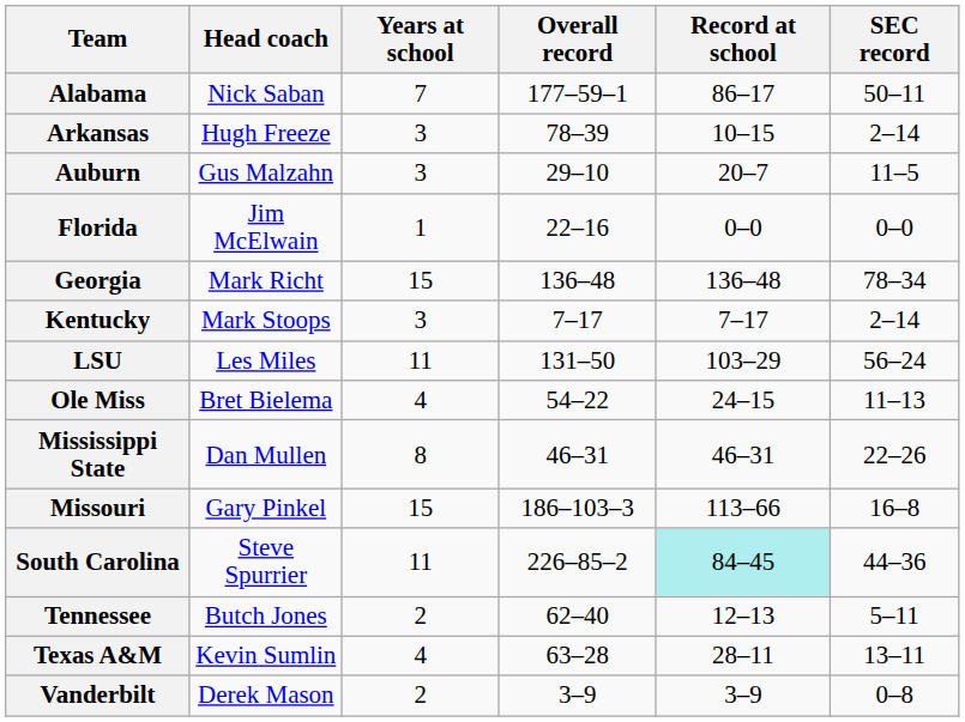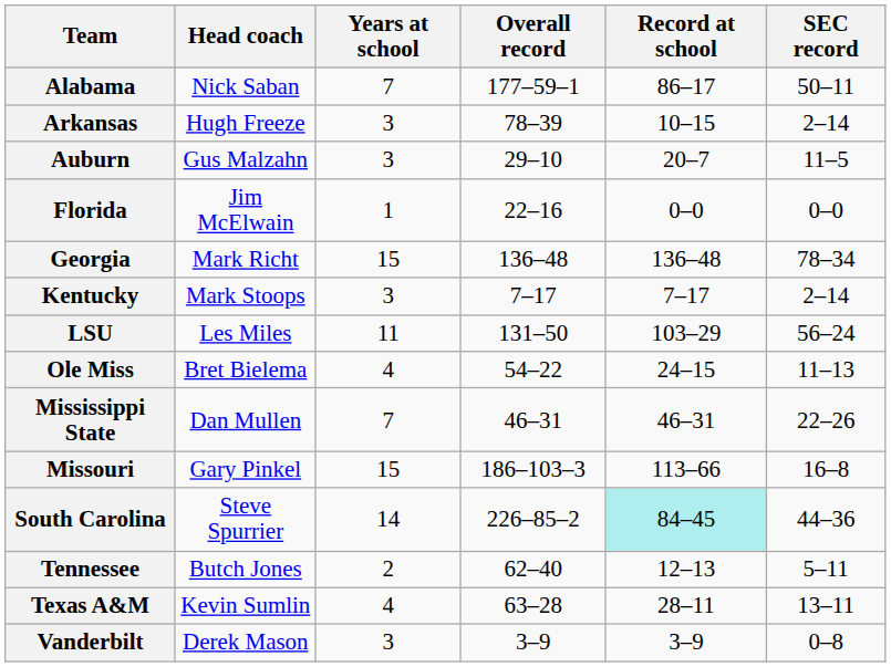 <table class="wikitable sortable" style="text-align: center;">
 <tr>
 <th width="110">Team</th>
 <th>Head coach</th>
 <th>Years at school</th>
 <th>Overall record</th>
 <th>Record at school</th>
 <th>SEC record</th>
 </tr>
 <tr>
 <th>Alabama</th>
 <td><a href='#'>Nick Saban</a></td>
 <td>7</td>
 <td>177–59–1</td>
 <td>86–17</td>
 <td>50–11</td>
 </tr>
 <tr>
 <th>Arkansas</th>
 <td><a href='#'>Hugh Freeze</a></td>
 <td>3</td>
 <td>78–39</td>
 <td>10–15</td>
 <td>2–14</td>
 </tr>
 <tr>
 <th>Auburn</th>
 <td><a href='#'>Gus Malzahn</a></td>
 <td>3</td>
 <td>29–10</td>
 <td>20–7</td>
 <td>11–5</td>
 </tr>
 <tr>
 <th>Florida</th>
 <td><a href='#'>Jim McElwain</a></td>
 <td>1</td>
 <td>22–16</td>
 <td>0–0</td>
 <td>0–0</td>
 </tr>
 <tr>
 <th>Georgia</th>
 <td><a href='#'>Mark Richt</a></td>
 <td>15</td>
 <td>136–48</td>
 <td>136–48</td>
 <td>78–34</td>
 </tr>
 <tr>
 <th>Kentucky</th>
 <td><a href='#'>Mark Stoops</a></td>
 <td>3</td>
 <td>7–17</td>
 <td>7–17</td>
 <td>2–14</td>
 </tr>
 <tr>
 <th>LSU</th>
 <td><a href='#'>Les Miles</a></td>
 <td>11</td>
 <td>131–50</td>
 <td>103–29</td>
 <td>56–24</td>
 </tr>
 <tr>
 <th>Ole Miss</th>
 <td><a href='#'>Bret Bielema</a></td>
 <td>4</td>
 <td>54–22</td>
 <td>24–15</td>
 <td>11–13</td>
 </tr>
 <tr>
 <th>Mississippi State</th>
 <td><a href='#'>Dan Mullen</a></td>
-<td>8</td>
+<td>7</td>
 <td>46–31</td>
 <td>46–31</td>
 <td>22–26</td>
 </tr>
 <tr>
 <th>Missouri</th>
 <td><a href='#'>Gary Pinkel</a></td>
 <td>15</td>
 <td>186–103–3</td>
 <td>113–66</td>
 <td>16–8</td>
 </tr>
 <tr>
 <th>South Carolina</th>
 <td><a href='#'>Steve Spurrier</a></td>
-<td>11</td>
+<td>14</td>
 <td>226–85–2</td>
 <td style="background: paleturquoise;">84–45</td>
 <td>44–36</td>
 </tr>
 <tr>
 <th>Tennessee</th>
 <td><a href='#'>Butch Jones</a></td>
 <td>2</td>
 <td>62–40</td>
 <td>12–13</td>
 <td>5–11</td>
 </tr>
 <tr>
 <th>Texas A&M</th>
 <td><a href='#'>Kevin Sumlin</a></td>
 <td>4</td>
 <td>63–28</td>
 <td>28–11</td>
 <td>13–11</td>
 </tr>
 <tr>
 <th>Vanderbilt</th>
 <td><a href='#'>Derek Mason</a></td>
-<td>2</td>
+<td>3</td>
 <td>3–9</td>
 <td>3–9</td>
 <td>0–8</td>
 </tr>
 </table>
